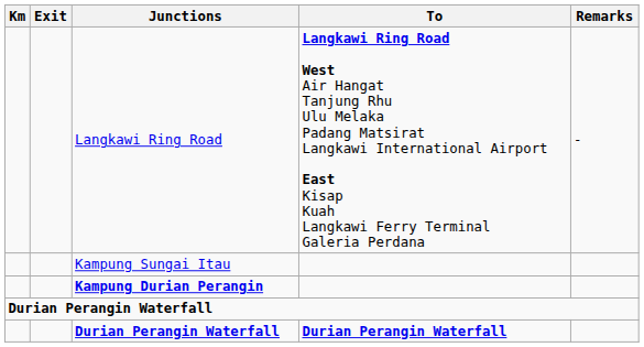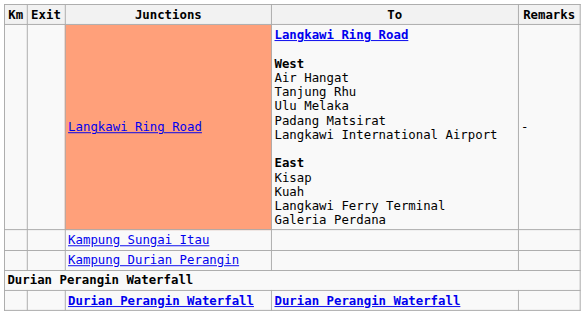 <table class="wikitable">
 <tr>
 <th>Km</th>
 <th>Exit</th>
 <th>Junctions</th>
 <th>To</th>
 <th>Remarks</th>
 </tr>
 <tr>
 <td></td>
 <td></td>
-<td><a href='#'>Langkawi Ring Road</a></td>
+<td style="background: lightsalmon;"><a href='#'>Langkawi Ring Road</a></td>
 <td> <strong><a href='#'>Langkawi Ring Road</a></strong><br><br><strong>West</strong><br> Air Hangat<br> Tanjung Rhu<br> Ulu Melaka<br> Padang Matsirat<br> Langkawi International Airport <br><br><strong>East</strong><br> Kisap<br> Kuah<br> Langkawi Ferry Terminal <br>Galeria Perdana</td>
 <td T-junctions>-</td>
 </tr>
 <tr>
 <td></td>
 <td></td>
 <td><a href='#'>Kampung Sungai Itau</a></td>
 <td></td>
 <td></td>
 </tr>
 <tr>
 <td></td>
 <td></td>
-<td><strong><a href='#'>Kampung Durian Perangin</a></strong></td>
+<td><a href='#'>Kampung Durian Perangin</a></td>
 <td></td>
 <td></td>
 </tr>
 <tr>
 <td style="width:600px" colspan="6" style="text-align:center; background:white;"><strong><span>Durian Perangin Waterfall </span></strong></td>
 </tr>
 <tr>
 <td></td>
 <td></td>
 <td><strong><a href='#'>Durian Perangin Waterfall</a></strong> </td>
 <td><strong><a href='#'>Durian Perangin Waterfall</a></strong> <br> </td>
 <td></td>
 </tr>
 </table>
